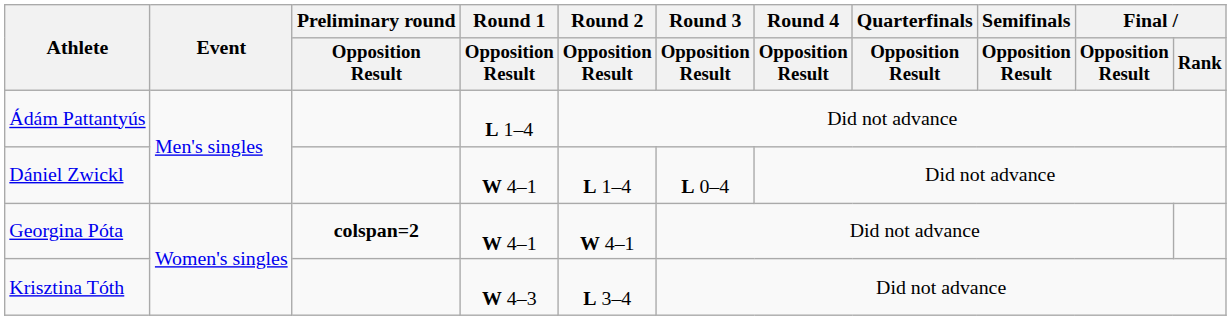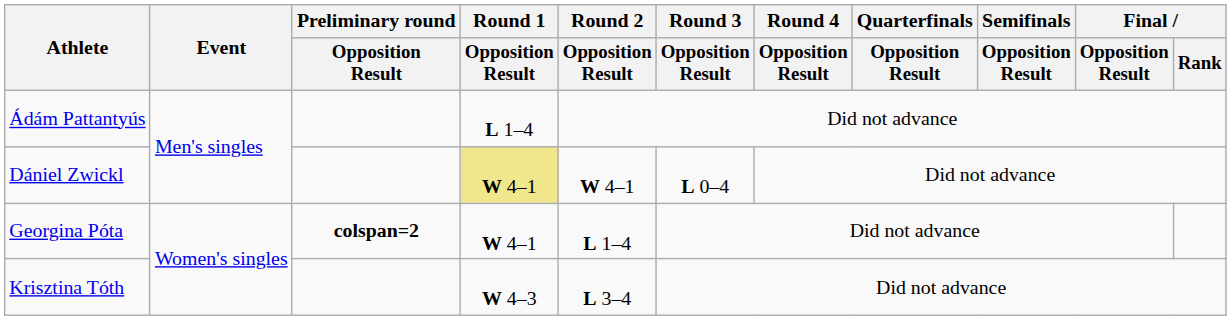 <table class=wikitable style="font-size:90%;">
 <tr>
 <th rowspan=2>Athlete</th>
 <th rowspan=2>Event</th>
 <th>Preliminary round</th>
 <th>Round 1</th>
 <th>Round 2</th>
 <th>Round 3</th>
 <th>Round 4</th>
 <th>Quarterfinals</th>
 <th>Semifinals</th>
 <th colspan=2>Final / </th>
 </tr>
 <tr style="font-size:95%">
 <th>Opposition<br>Result</th>
 <th>Opposition<br>Result</th>
 <th>Opposition<br>Result</th>
 <th>Opposition<br>Result</th>
 <th>Opposition<br>Result</th>
 <th>Opposition<br>Result</th>
 <th>Opposition<br>Result</th>
 <th>Opposition<br>Result</th>
 <th>Rank</th>
 </tr>
 <tr align=center>
 <td align=left><a href='#'>Ádám Pattantyús</a></td>
 <td rowspan=2 align=left><a href='#'>Men's singles</a></td>
 <td></td>
 <td><br><strong>L</strong> 1–4</td>
 <td colspan=7>Did not advance</td>
 </tr>
 <tr align=center>
 <td align=left><a href='#'>Dániel Zwickl</a></td>
 <td></td>
+<td style="background: khaki;"><br><strong>W</strong> 4–1</td>
 <td><br><strong>W</strong> 4–1</td>
-<td><br><strong>L</strong> 1–4</td>
 <td><br><strong>L</strong> 0–4</td>
 <td colspan=5>Did not advance</td>
 </tr>
 <tr align=center>
 <td align=left><a href='#'>Georgina Póta</a></td>
 <td rowspan=2 align=left><a href='#'>Women's singles</a></td>
 <td><strong>colspan=2 </strong></td>
 <td><br><strong>W</strong> 4–1</td>
-<td><br><strong>W</strong> 4–1</td>
+<td><br><strong>L</strong> 1–4</td>
 <td colspan=5>Did not advance</td>
 </tr>
 <tr align=center>
 <td align=left><a href='#'>Krisztina Tóth</a></td>
 <td></td>
 <td><br><strong>W</strong> 4–3</td>
 <td><br><strong>L</strong> 3–4</td>
 <td colspan=6>Did not advance</td>
 </tr>
 </table>
